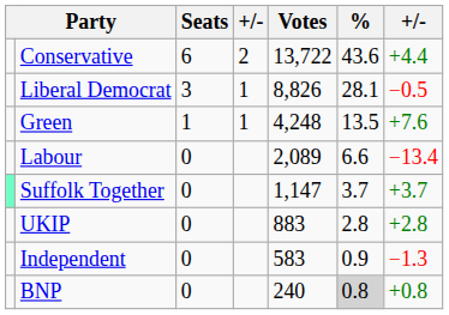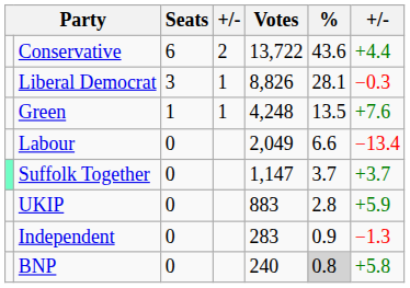 <table class="wikitable sortable">
 <tr>
 <th colspan="2">Party</th>
 <th>Seats</th>
 <th>+/-</th>
 <th>Votes</th>
 <th>%</th>
 <th>+/-</th>
 </tr>
 <tr>
 <td style="background-color: "></td>
 <td><a href='#'>Conservative</a></td>
 <td>6</td>
 <td> 2</td>
 <td>13,722</td>
 <td>43.6</td>
 <td style="color:green">+4.4</td>
 </tr>
 <tr>
 <td style="background-color: "></td>
 <td><a href='#'>Liberal Democrat</a></td>
 <td>3</td>
 <td> 1</td>
 <td>8,826</td>
 <td>28.1</td>
-<td style="color:red">−0.5</td>
+<td style="color:red">−0.3</td>
 </tr>
 <tr>
 <td style="background-color: "></td>
 <td><a href='#'>Green</a></td>
 <td>1</td>
 <td> 1</td>
 <td>4,248</td>
 <td>13.5</td>
 <td style="color:green">+7.6</td>
 </tr>
 <tr>
 <td style="background-color: "></td>
 <td><a href='#'>Labour</a></td>
 <td>0</td>
 <td></td>
-<td>2,089</td>
+<td>2,049</td>
 <td>6.6</td>
 <td style="color:red">−13.4</td>
 </tr>
 <tr>
 <td style="background-color: #6EFFC5"></td>
 <td><a href='#'>Suffolk Together</a></td>
 <td>0</td>
 <td></td>
 <td>1,147</td>
 <td>3.7</td>
 <td style="color:green">+3.7</td>
 </tr>
 <tr>
 <td style="background-color: "></td>
 <td><a href='#'>UKIP</a></td>
 <td>0</td>
 <td></td>
 <td>883</td>
 <td>2.8</td>
-<td style="color:green">+2.8</td>
+<td style="color:green">+5.9</td>
 </tr>
 <tr>
 <td style="background-color: "></td>
 <td><a href='#'>Independent</a></td>
 <td>0</td>
 <td></td>
-<td>583</td>
+<td>283</td>
 <td>0.9</td>
 <td style="color:red">−1.3</td>
 </tr>
 <tr>
 <td style="background-color: "></td>
 <td><a href='#'>BNP</a></td>
 <td>0</td>
 <td></td>
 <td>240</td>
 <td style="background: lightgrey;">0.8</td>
-<td style="color:green">+0.8</td>
+<td style="color:green">+5.8</td>
 </tr>
 </table>
